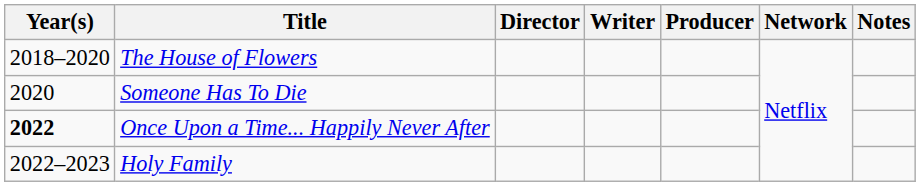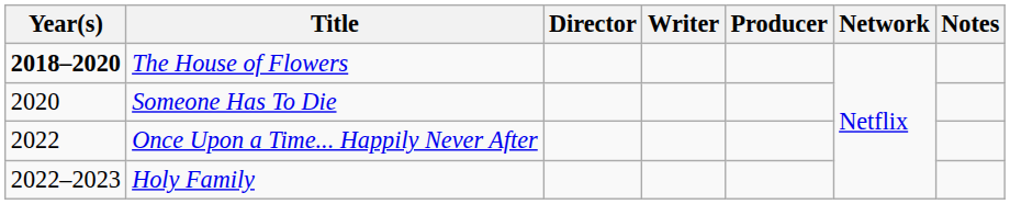 <table class="wikitable">
 <tr>
 <th>Year(s)</th>
 <th>Title</th>
 <th>Director</th>
 <th>Writer</th>
 <th>Producer</th>
 <th>Network</th>
 <th>Notes</th>
 </tr>
 <tr>
-<td>2018–2020</td>
+<td><strong>2018–2020</strong></td>
 <td><em><a href='#'>The House of Flowers</a></em></td>
 <td></td>
 <td></td>
 <td></td>
 <td rowspan="4"><a href='#'>Netflix</a></td>
 <td></td>
 </tr>
 <tr>
 <td>2020</td>
 <td><em><a href='#'>Someone Has To Die</a></em></td>
 <td></td>
 <td></td>
 <td></td>
 <td></td>
 </tr>
 <tr>
-<td><strong>2022</strong></td>
+<td>2022</td>
 <td><em><a href='#'>Once Upon a Time... Happily Never After</a></em></td>
 <td></td>
 <td></td>
 <td></td>
 <td></td>
 </tr>
 <tr>
 <td>2022–2023</td>
 <td><em><a href='#'>Holy Family</a></em></td>
 <td></td>
 <td></td>
 <td></td>
 <td></td>
 </tr>
 </table>
